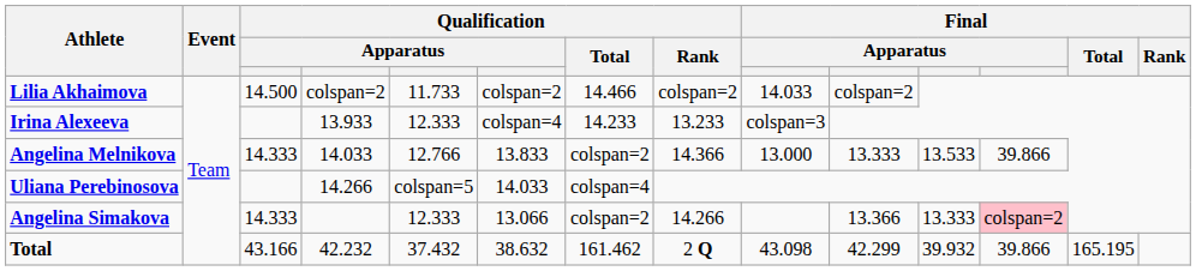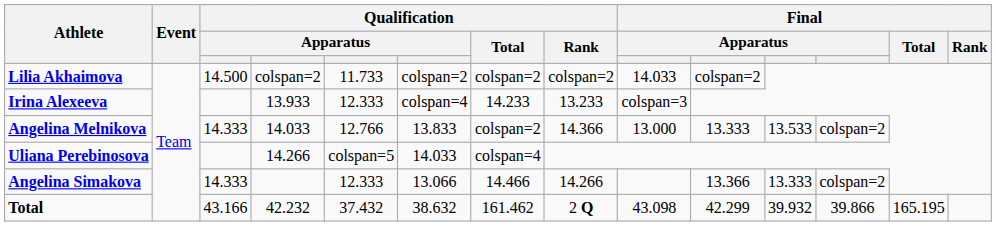 <table class="wikitable" style="font-size:90%">
 <tr>
 <th rowspan=3>Athlete</th>
 <th rowspan=3>Event</th>
 <th colspan=6>Qualification</th>
 <th colspan=6>Final</th>
 </tr>
 <tr style="font-size:95%">
 <th colspan=4>Apparatus</th>
 <th rowspan=2>Total</th>
 <th rowspan=2>Rank</th>
 <th colspan=4>Apparatus</th>
 <th rowspan=2>Total</th>
 <th rowspan=2>Rank</th>
 </tr>
 <tr style="font-size:95%">
 <th></th>
 <th></th>
 <th></th>
 <th></th>
 <th></th>
 <th></th>
 <th></th>
 <th></th>
 </tr>
 <tr align=center>
 <td align=left><strong><a href='#'>Lilia Akhaimova</a></strong></td>
 <td align=left rowspan=6><a href='#'>Team</a></td>
 <td>14.500</td>
 <td>colspan=2 </td>
 <td>11.733</td>
 <td>colspan=2 </td>
-<td>14.466</td>
+<td>colspan=2 </td>
 <td>colspan=2 </td>
 <td>14.033</td>
 <td>colspan=2 </td>
 </tr>
 <tr align=center>
 <td align=left><strong><a href='#'>Irina Alexeeva</a></strong></td>
 <td></td>
 <td>13.933</td>
 <td>12.333</td>
 <td>colspan=4 </td>
 <td>14.233</td>
 <td>13.233</td>
 <td>colspan=3 </td>
 </tr>
 <tr align=center>
 <td align=left><strong><a href='#'>Angelina Melnikova</a></strong></td>
 <td>14.333</td>
 <td>14.033</td>
 <td>12.766</td>
 <td>13.833</td>
 <td>colspan=2 </td>
 <td>14.366</td>
 <td>13.000</td>
 <td>13.333</td>
 <td>13.533</td>
-<td>39.866</td>
+<td>colspan=2 </td>
 </tr>
 <tr align=center>
 <td align=left><strong><a href='#'>Uliana Perebinosova</a></strong></td>
 <td></td>
 <td>14.266</td>
 <td>colspan=5 </td>
 <td>14.033</td>
 <td>colspan=4 </td>
 </tr>
 <tr align=center>
 <td align=left><strong><a href='#'>Angelina Simakova</a></strong></td>
 <td>14.333</td>
 <td></td>
 <td>12.333</td>
 <td>13.066</td>
-<td>colspan=2 </td>
+<td>14.466</td>
 <td>14.266</td>
 <td></td>
 <td>13.366</td>
 <td>13.333</td>
-<td style="background: pink;">colspan=2 </td>
+<td>colspan=2 </td>
 </tr>
 <tr align=center>
 <td align=left><strong>Total</strong></td>
 <td>43.166</td>
 <td>42.232</td>
 <td>37.432</td>
 <td>38.632</td>
 <td>161.462</td>
 <td>2 <strong>Q</strong></td>
 <td>43.098</td>
 <td>42.299</td>
 <td>39.932</td>
 <td>39.866</td>
 <td>165.195</td>
 <td></td>
 </tr>
 </table>
